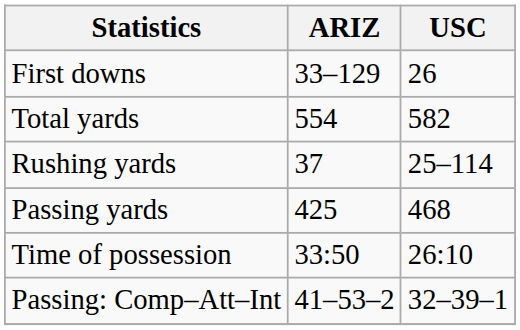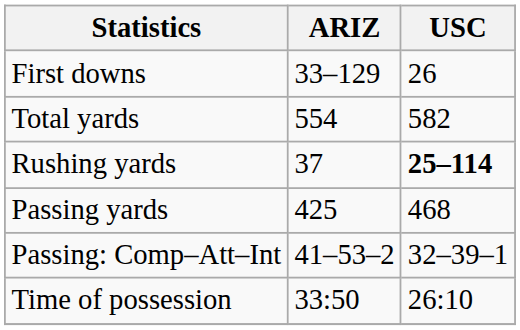 <table class="wikitable" style="float: left;">
 <tr>
 <th>Statistics</th>
 <th>ARIZ</th>
 <th>USC</th>
 </tr>
 <tr>
 <td>First downs</td>
 <td>33–129</td>
 <td>26</td>
 </tr>
 <tr>
 <td>Total yards</td>
 <td>554</td>
 <td>582</td>
 </tr>
 <tr>
 <td>Rushing yards</td>
 <td>37</td>
-<td>25–114</td>
+<td><strong>25–114</strong></td>
 </tr>
 <tr>
 <td>Passing yards</td>
 <td>425</td>
 <td>468</td>
 </tr>
 <tr>
+<td>Passing: Comp–Att–Int</td>
+<td>41–53–2</td>
+<td>32–39–1</td>
+</tr>
+<tr>
 <td>Time of possession</td>
 <td>33:50</td>
 <td>26:10</td>
 </tr>
 <tr>
-<td>Passing: Comp–Att–Int</td>
-<td>41–53–2</td>
-<td>32–39–1</td>
-</tr>
-<tr>
 </tr>
 </table>
